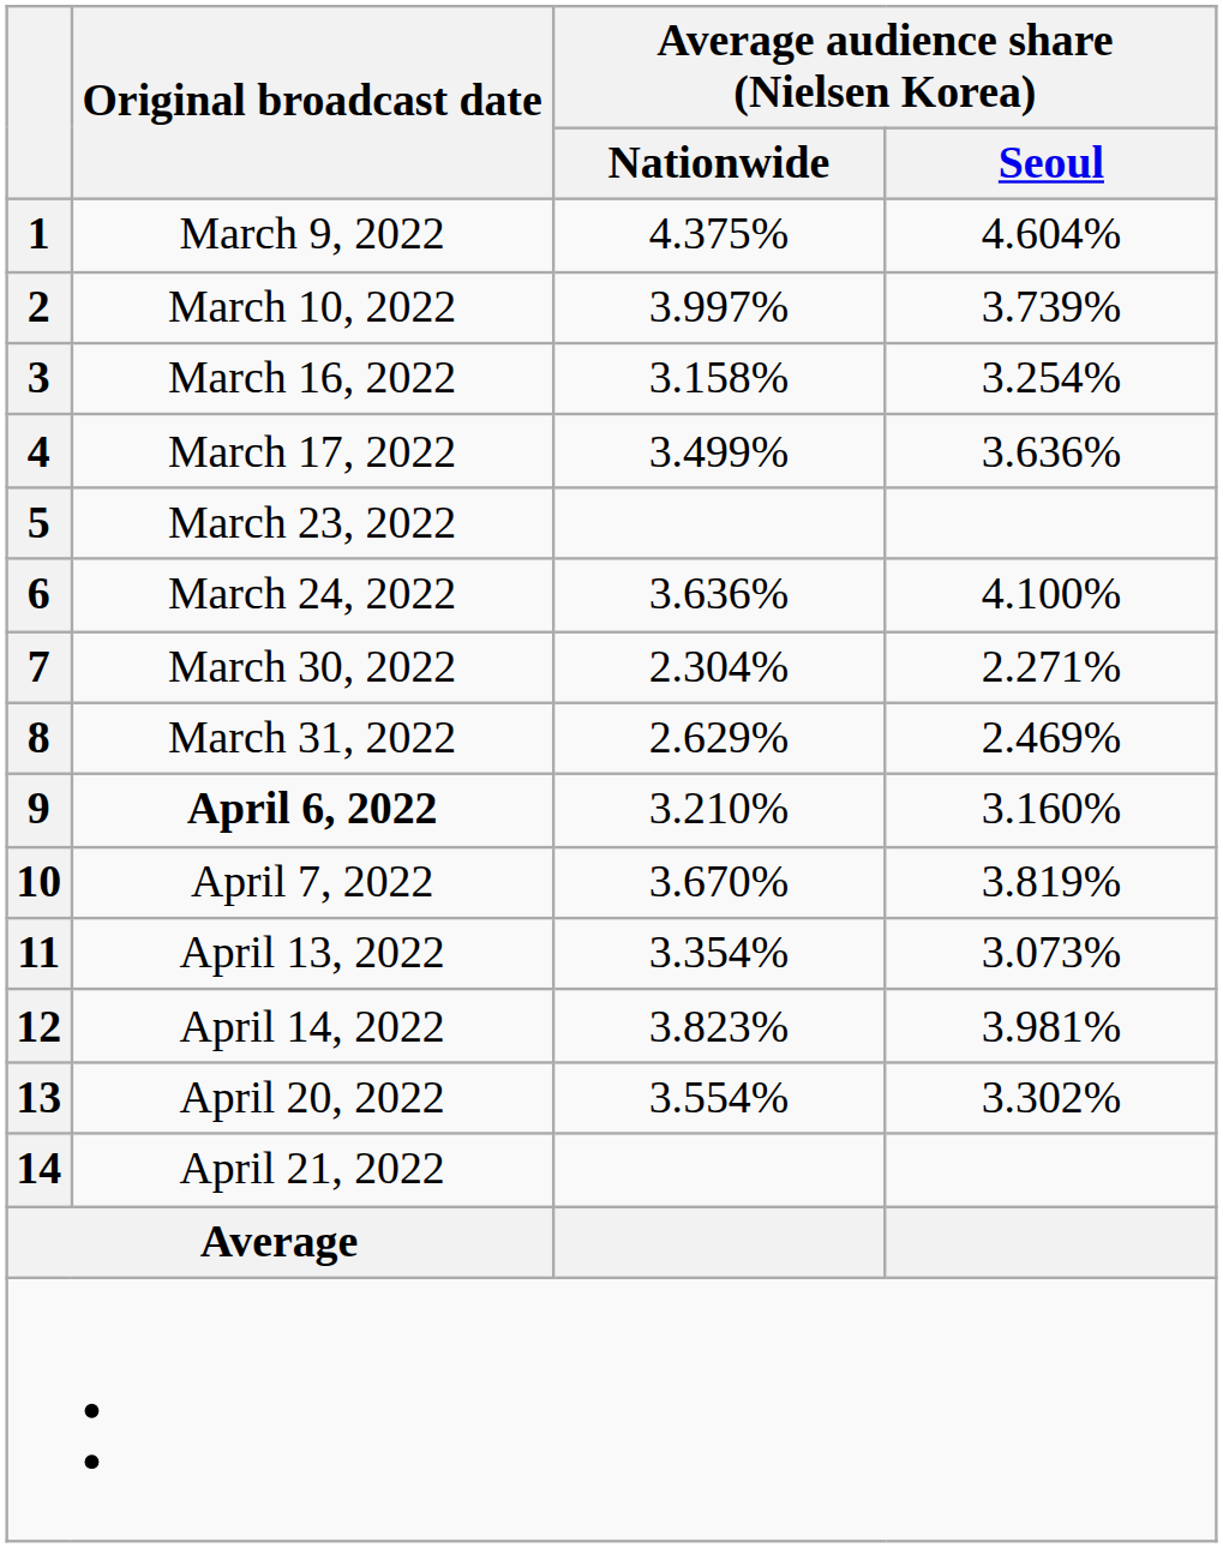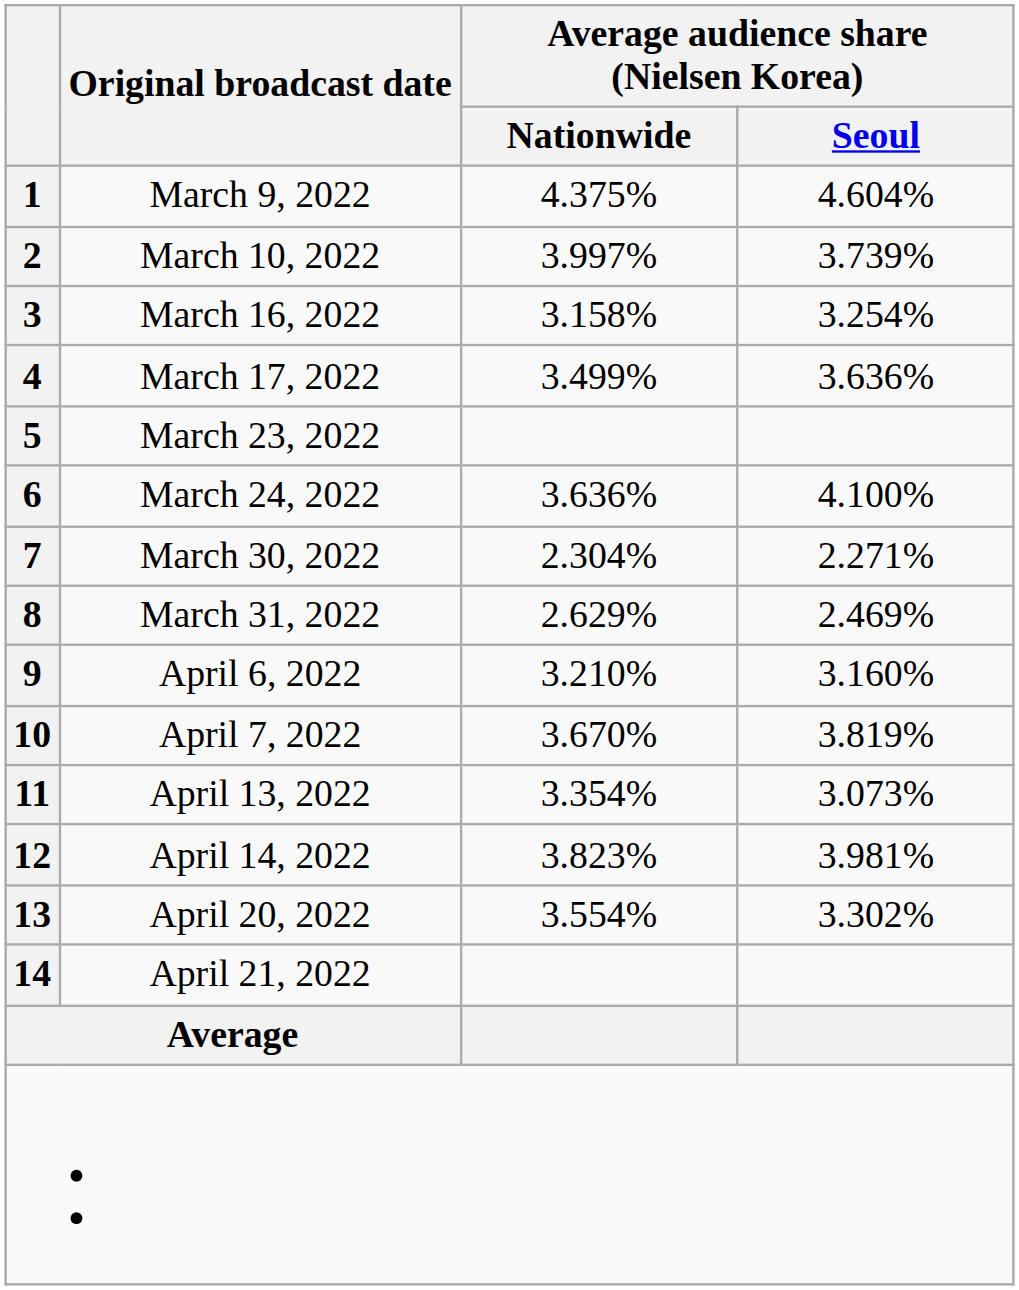 <table class="wikitable" style="text-align:center; max-width:550px; margin-left: auto; margin-right: auto; border: none;">
 <tr>
 </tr>
 <tr>
 <th rowspan="2"></th>
 <th rowspan="2">Original broadcast date</th>
 <th colspan="2">Average audience share<br>(Nielsen Korea)</th>
 </tr>
 <tr>
 <th width="110">Nationwide</th>
 <th width="110"><a href='#'>Seoul</a></th>
 </tr>
 <tr>
 <th>1</th>
 <td>March 9, 2022</td>
 <td>4.375% </td>
 <td>4.604% </td>
 </tr>
 <tr>
 <th>2</th>
 <td>March 10, 2022</td>
 <td>3.997% </td>
 <td>3.739% </td>
 </tr>
 <tr>
 <th>3</th>
 <td>March 16, 2022</td>
 <td>3.158% </td>
 <td>3.254% </td>
 </tr>
 <tr>
 <th>4</th>
 <td>March 17, 2022</td>
 <td>3.499% </td>
 <td>3.636% </td>
 </tr>
 <tr>
 <th>5</th>
 <td>March 23, 2022</td>
 <td><strong></strong> </td>
 <td><strong></strong> </td>
 </tr>
 <tr>
 <th>6</th>
 <td>March 24, 2022</td>
 <td>3.636% </td>
 <td>4.100% </td>
 </tr>
 <tr>
 <th>7</th>
 <td>March 30, 2022</td>
 <td>2.304% </td>
 <td>2.271% </td>
 </tr>
 <tr>
 <th>8</th>
 <td>March 31, 2022</td>
 <td>2.629% </td>
 <td>2.469% </td>
 </tr>
 <tr>
 <th>9</th>
-<td><strong>April 6, 2022</strong></td>
+<td>April 6, 2022</td>
 <td>3.210% </td>
 <td>3.160% </td>
 </tr>
 <tr>
 <th>10</th>
 <td>April 7, 2022</td>
 <td>3.670% </td>
 <td>3.819% </td>
 </tr>
 <tr>
 <th>11</th>
 <td>April 13, 2022</td>
 <td>3.354% </td>
 <td>3.073% </td>
 </tr>
 <tr>
 <th>12</th>
 <td>April 14, 2022</td>
 <td>3.823% </td>
 <td>3.981% </td>
 </tr>
 <tr>
 <th>13</th>
 <td>April 20, 2022</td>
 <td>3.554% </td>
 <td>3.302% </td>
 </tr>
 <tr>
 <th>14</th>
 <td>April 21, 2022</td>
 <td><strong></strong> </td>
 <td><strong></strong> </td>
 </tr>
 <tr>
 <th colspan="2">Average</th>
 <th></th>
 <th></th>
 </tr>
 <tr>
 <td colspan="4"><br><ul><li></li><li></li></ul></td>
 </tr>
 </table>
